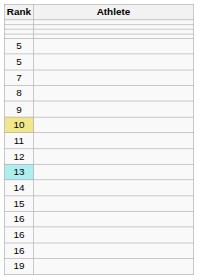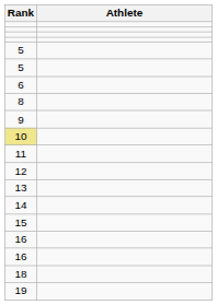 <table class="wikitable" style="text-align: center;">
 <tr>
 <th width=40>Rank</th>
 <th width=250>Athlete</th>
 </tr>
 <tr>
 <td></td>
 <td align="left"></td>
 </tr>
 <tr>
 <td></td>
 <td align="left"></td>
 </tr>
 <tr>
 <td></td>
 <td align="left"></td>
 </tr>
 <tr>
 <td></td>
 <td align="left"></td>
 </tr>
 <tr>
 <td>5</td>
 <td align="left"></td>
 </tr>
 <tr>
 <td>5</td>
 <td align="left"></td>
 </tr>
 <tr>
-<td>7</td>
+<td>6</td>
 <td align="left"></td>
 </tr>
 <tr>
 <td>8</td>
 <td align="left"></td>
 </tr>
 <tr>
 <td>9</td>
 <td align="left"></td>
 </tr>
 <tr>
 <td style="background: khaki;">10</td>
 <td align="left"></td>
 </tr>
 <tr>
 <td>11</td>
 <td align="left"></td>
 </tr>
 <tr>
 <td>12</td>
 <td align="left"></td>
 </tr>
 <tr>
-<td style="background: paleturquoise;">13</td>
+<td>13</td>
 <td align="left"></td>
 </tr>
 <tr>
 <td>14</td>
 <td align="left"></td>
 </tr>
 <tr>
 <td>15</td>
 <td align="left"></td>
 </tr>
 <tr>
 <td>16</td>
 <td align="left"></td>
 </tr>
 <tr>
 <td>16</td>
 <td align="left"></td>
 </tr>
 <tr>
-<td>16</td>
+<td>18</td>
 <td align="left"></td>
 </tr>
 <tr>
 <td>19</td>
 <td align="left"></td>
 </tr>
 </table>
